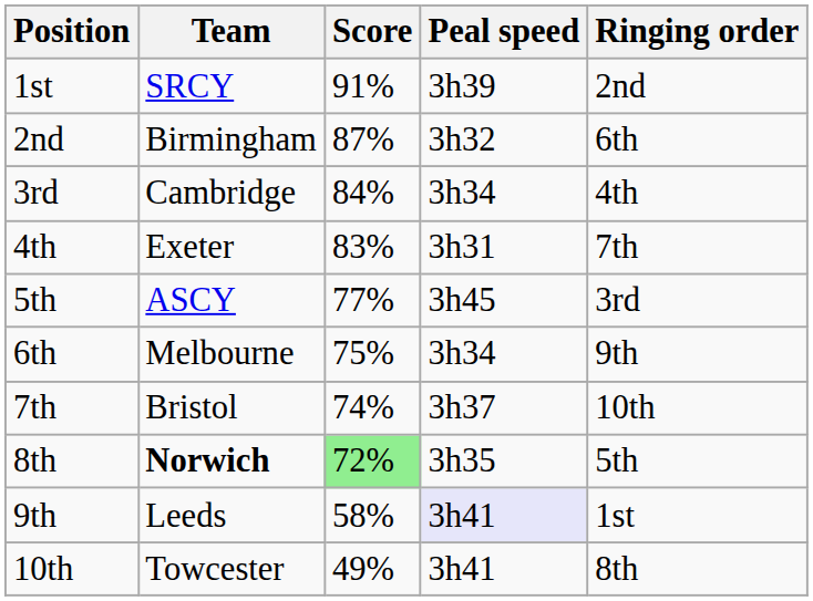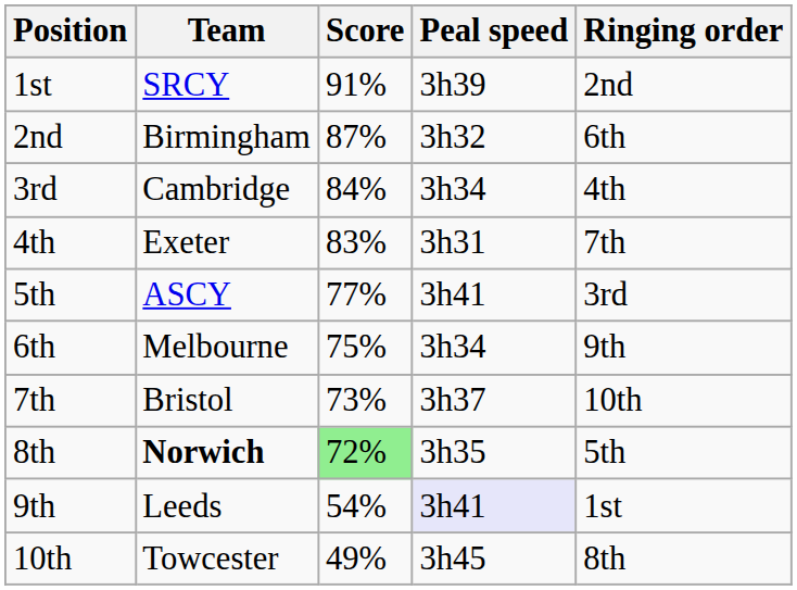 <table class="wikitable">
 <tr>
 <th>Position</th>
 <th>Team</th>
 <th>Score</th>
 <th>Peal speed</th>
 <th>Ringing order</th>
 </tr>
 <tr>
 <td>1st</td>
 <td><a href='#'>SRCY</a></td>
 <td>91%</td>
 <td>3h39</td>
 <td>2nd</td>
 </tr>
 <tr>
 <td>2nd</td>
 <td>Birmingham</td>
 <td>87%</td>
 <td>3h32</td>
 <td>6th</td>
 </tr>
 <tr>
 <td>3rd</td>
 <td>Cambridge</td>
 <td>84%</td>
 <td>3h34</td>
 <td>4th</td>
 </tr>
 <tr>
 <td>4th</td>
 <td>Exeter</td>
 <td>83%</td>
 <td>3h31</td>
 <td>7th</td>
 </tr>
 <tr>
 <td>5th</td>
 <td><a href='#'>ASCY</a></td>
 <td>77%</td>
-<td>3h45</td>
+<td>3h41</td>
 <td>3rd</td>
 </tr>
 <tr>
 <td>6th</td>
 <td>Melbourne</td>
 <td>75%</td>
 <td>3h34</td>
 <td>9th</td>
 </tr>
 <tr>
 <td>7th</td>
 <td>Bristol</td>
-<td>74%</td>
+<td>73%</td>
 <td>3h37</td>
 <td>10th</td>
 </tr>
 <tr>
 <td>8th</td>
 <td><strong>Norwich</strong></td>
 <td style="background: lightgreen;">72%</td>
 <td>3h35</td>
 <td>5th</td>
 </tr>
 <tr>
 <td>9th</td>
 <td>Leeds</td>
-<td>58%</td>
+<td>54%</td>
 <td style="background: lavender;">3h41</td>
 <td>1st</td>
 </tr>
 <tr>
 <td>10th</td>
 <td>Towcester</td>
 <td>49%</td>
-<td>3h41</td>
+<td>3h45</td>
 <td>8th</td>
 </tr>
 </table>
